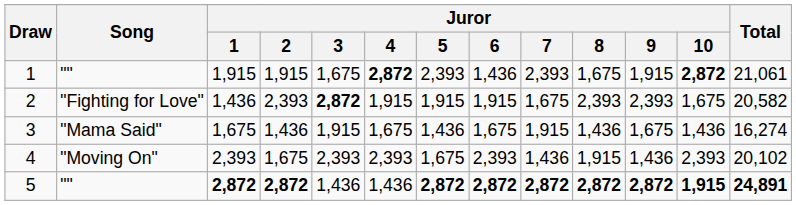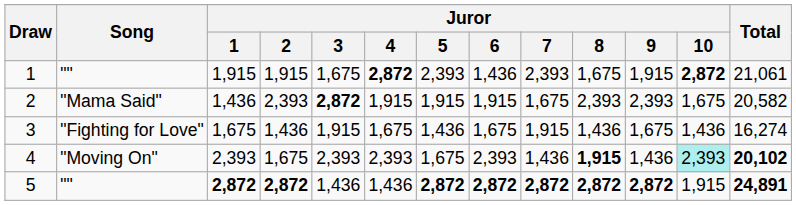 <table class="wikitable collapsible" style="margin: 1em auto 1em auto; text-align:center;">
 <tr>
 </tr>
 <tr>
 <th rowspan="2">Draw</th>
 <th rowspan="2">Song</th>
 <th colspan="10">Juror</th>
 <th rowspan="2">Total</th>
 </tr>
 <tr>
 <th>1</th>
 <th>2</th>
 <th>3</th>
 <th>4</th>
 <th>5</th>
 <th>6</th>
 <th>7</th>
 <th>8</th>
 <th>9</th>
 <th>10</th>
 </tr>
 <tr>
 <td>1</td>
 <td align="left">""</td>
 <td>1,915</td>
 <td>1,915</td>
 <td>1,675</td>
 <td><strong>2,872</strong></td>
 <td>2,393</td>
 <td>1,436</td>
 <td>2,393</td>
 <td>1,675</td>
 <td>1,915</td>
 <td><strong>2,872</strong></td>
 <td>21,061</td>
 </tr>
 <tr>
 <td>2</td>
-<td align="left">"Fighting for Love"</td>
+<td align="left">"Mama Said"</td>
 <td>1,436</td>
 <td>2,393</td>
 <td><strong>2,872</strong></td>
 <td>1,915</td>
 <td>1,915</td>
 <td>1,915</td>
 <td>1,675</td>
 <td>2,393</td>
 <td>2,393</td>
 <td>1,675</td>
 <td>20,582</td>
 </tr>
 <tr>
 <td>3</td>
-<td align="left">"Mama Said"</td>
+<td align="left">"Fighting for Love"</td>
 <td>1,675</td>
 <td>1,436</td>
 <td>1,915</td>
 <td>1,675</td>
 <td>1,436</td>
 <td>1,675</td>
 <td>1,915</td>
 <td>1,436</td>
 <td>1,675</td>
 <td>1,436</td>
 <td>16,274</td>
 </tr>
 <tr>
 <td>4</td>
 <td align="left">"Moving On"</td>
 <td>2,393</td>
 <td>1,675</td>
 <td>2,393</td>
 <td>2,393</td>
 <td>1,675</td>
 <td>2,393</td>
 <td>1,436</td>
-<td>1,915</td>
+<td><strong>1,915</strong></td>
 <td>1,436</td>
-<td>2,393</td>
-<td>20,102</td>
+<td style="background: paleturquoise;">2,393</td>
+<td><strong>20,102</strong></td>
 </tr>
 <tr>
 <td>5</td>
 <td align="left">""</td>
 <td><strong>2,872</strong></td>
 <td><strong>2,872</strong></td>
 <td>1,436</td>
 <td>1,436</td>
 <td><strong>2,872</strong></td>
 <td><strong>2,872</strong></td>
 <td><strong>2,872</strong></td>
 <td><strong>2,872</strong></td>
 <td><strong>2,872</strong></td>
-<td><strong>1,915</strong></td>
+<td>1,915</td>
 <td><strong>24,891</strong></td>
 </tr>
 </table>
